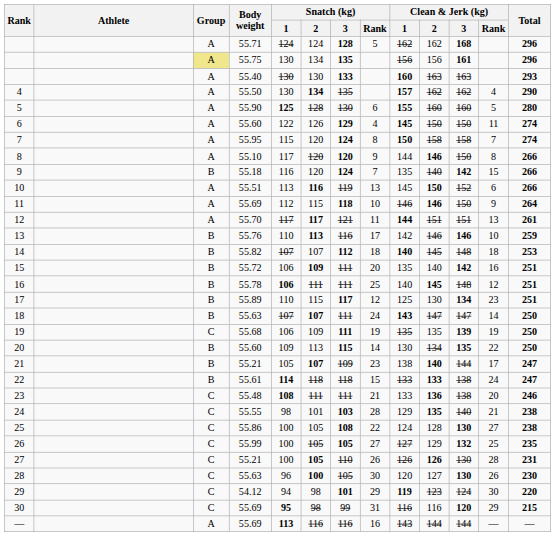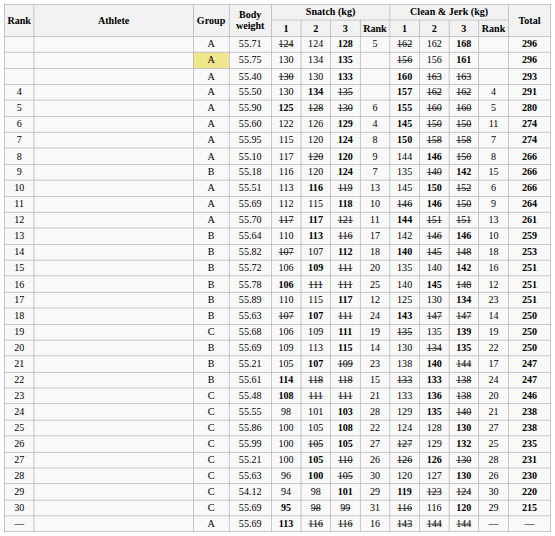 <table class = "wikitable" style="text-align:center;">
 <tr>
 <th rowspan=2 width=40>Rank</th>
 <th rowspan=2 width=250>Athlete</th>
 <th rowspan=2 width=50>Group</th>
 <th rowspan=2 width=60>Body weight</th>
 <th colspan=4>Snatch (kg)</th>
 <th colspan=4>Clean & Jerk (kg)</th>
 <th rowspan=2 width=60>Total</th>
 </tr>
 <tr>
 <th width=40>1</th>
 <th width=40>2</th>
 <th width=40>3</th>
 <th width=40>Rank</th>
 <th width=40>1</th>
 <th width=40>2</th>
 <th width=40>3</th>
 <th width=40>Rank</th>
 </tr>
 <tr>
 <td></td>
 <td align=left></td>
 <td>A</td>
 <td>55.71</td>
 <td><s>124</s></td>
 <td>124</td>
 <td><strong>128</strong></td>
 <td>5</td>
 <td><s>162</s></td>
 <td>162</td>
 <td><strong>168</strong></td>
 <td></td>
 <td><strong>296</strong></td>
 </tr>
 <tr>
 <td></td>
 <td align=left></td>
 <td style="background: khaki;">A</td>
 <td>55.75</td>
 <td>130</td>
 <td>134</td>
 <td><strong>135</strong></td>
 <td></td>
 <td><s>156</s></td>
 <td>156</td>
 <td><strong>161</strong></td>
 <td></td>
 <td><strong>296</strong></td>
 </tr>
 <tr>
 <td></td>
 <td align=left></td>
 <td>A</td>
 <td>55.40</td>
 <td><s>130</s></td>
 <td>130</td>
 <td><strong>133</strong></td>
 <td></td>
 <td><strong>160</strong></td>
 <td><s>163</s></td>
 <td><s>163</s></td>
 <td></td>
 <td><strong>293</strong></td>
 </tr>
 <tr>
 <td>4</td>
 <td align=left></td>
 <td>A</td>
 <td>55.50</td>
 <td>130</td>
 <td><strong>134</strong></td>
 <td><s>135</s></td>
 <td></td>
 <td><strong>157</strong></td>
 <td><s>162</s></td>
 <td><s>162</s></td>
 <td>4</td>
-<td><strong>290</strong></td>
+<td><strong>291</strong></td>
 </tr>
 <tr>
 <td>5</td>
 <td align=left></td>
 <td>A</td>
 <td>55.90</td>
 <td><strong>125</strong></td>
 <td><s>128</s></td>
 <td><s>130</s></td>
 <td>6</td>
 <td><strong>155</strong></td>
 <td><s>160</s></td>
 <td><s>160</s></td>
 <td>5</td>
 <td><strong>280</strong></td>
 </tr>
 <tr>
 <td>6</td>
 <td align=left></td>
 <td>A</td>
 <td>55.60</td>
 <td>122</td>
 <td>126</td>
 <td><strong>129</strong></td>
 <td>4</td>
 <td><strong>145</strong></td>
 <td><s>150</s></td>
 <td><s>150</s></td>
 <td>11</td>
 <td><strong>274</strong></td>
 </tr>
 <tr>
 <td>7</td>
 <td align=left></td>
 <td>A</td>
 <td>55.95</td>
 <td>115</td>
 <td>120</td>
 <td><strong>124</strong></td>
 <td>8</td>
 <td><strong>150</strong></td>
 <td><s>158</s></td>
 <td><s>158</s></td>
 <td>7</td>
 <td><strong>274</strong></td>
 </tr>
 <tr>
 <td>8</td>
 <td align=left></td>
 <td>A</td>
 <td>55.10</td>
 <td>117</td>
 <td><s>120</s></td>
 <td><strong>120</strong></td>
 <td>9</td>
 <td>144</td>
 <td><strong>146</strong></td>
 <td><s>150</s></td>
 <td>8</td>
 <td><strong>266</strong></td>
 </tr>
 <tr>
 <td>9</td>
 <td align=left></td>
 <td>B</td>
 <td>55.18</td>
 <td>116</td>
 <td>120</td>
 <td><strong>124</strong></td>
 <td>7</td>
 <td>135</td>
 <td><s>140</s></td>
 <td><strong>142</strong></td>
 <td>15</td>
 <td><strong>266</strong></td>
 </tr>
 <tr>
 <td>10</td>
 <td align=left></td>
 <td>A</td>
 <td>55.51</td>
 <td>113</td>
 <td><strong>116</strong></td>
 <td><s>119</s></td>
 <td>13</td>
 <td>145</td>
 <td><strong>150</strong></td>
 <td><s>152</s></td>
 <td>6</td>
 <td><strong>266</strong></td>
 </tr>
 <tr>
 <td>11</td>
 <td align=left></td>
 <td>A</td>
 <td>55.69</td>
 <td>112</td>
 <td>115</td>
 <td><strong>118</strong></td>
 <td>10</td>
 <td><s>146</s></td>
 <td><strong>146</strong></td>
 <td><s>150</s></td>
 <td>9</td>
 <td><strong>264</strong></td>
 </tr>
 <tr>
 <td>12</td>
 <td align=left></td>
 <td>A</td>
 <td>55.70</td>
 <td><s>117</s></td>
 <td><strong>117</strong></td>
 <td><s>121</s></td>
 <td>11</td>
 <td><strong>144</strong></td>
 <td><s>151</s></td>
 <td><s>151</s></td>
 <td>13</td>
 <td><strong>261</strong></td>
 </tr>
 <tr>
 <td>13</td>
 <td align=left></td>
 <td>B</td>
-<td>55.76</td>
+<td>55.64</td>
 <td>110</td>
 <td><strong>113</strong></td>
 <td><s>116</s></td>
 <td>17</td>
 <td>142</td>
 <td><s>146</s></td>
 <td><strong>146</strong></td>
 <td>10</td>
 <td><strong>259</strong></td>
 </tr>
 <tr>
 <td>14</td>
 <td align=left></td>
 <td>B</td>
 <td>55.82</td>
 <td><s>107</s></td>
 <td>107</td>
 <td><strong>112</strong></td>
 <td>18</td>
 <td><strong>140</strong></td>
 <td><s>145</s></td>
 <td><s>148</s></td>
 <td>18</td>
 <td><strong>253</strong></td>
 </tr>
 <tr>
 <td>15</td>
 <td align=left></td>
 <td>B</td>
 <td>55.72</td>
 <td>106</td>
 <td><strong>109</strong></td>
 <td><s>111</s></td>
 <td>20</td>
 <td>135</td>
 <td>140</td>
 <td><strong>142</strong></td>
 <td>16</td>
 <td><strong>251</strong></td>
 </tr>
 <tr>
 <td>16</td>
 <td align=left></td>
 <td>B</td>
 <td>55.78</td>
 <td><strong>106</strong></td>
 <td><s>111</s></td>
 <td><s>111</s></td>
 <td>25</td>
 <td>140</td>
 <td><strong>145</strong></td>
 <td><s>148</s></td>
 <td>12</td>
 <td><strong>251</strong></td>
 </tr>
 <tr>
 <td>17</td>
 <td align=left></td>
 <td>B</td>
 <td>55.89</td>
 <td>110</td>
 <td>115</td>
 <td><strong>117</strong></td>
 <td>12</td>
 <td>125</td>
 <td>130</td>
 <td><strong>134</strong></td>
 <td>23</td>
 <td><strong>251</strong></td>
 </tr>
 <tr>
 <td>18</td>
 <td align=left></td>
 <td>B</td>
 <td>55.63</td>
 <td><s>107</s></td>
 <td><strong>107</strong></td>
 <td><s>111</s></td>
 <td>24</td>
 <td><strong>143</strong></td>
 <td><s>147</s></td>
 <td><s>147</s></td>
 <td>14</td>
 <td><strong>250</strong></td>
 </tr>
 <tr>
 <td>19</td>
 <td align=left></td>
 <td>C</td>
 <td>55.68</td>
 <td>106</td>
 <td>109</td>
 <td><strong>111</strong></td>
 <td>19</td>
 <td><s>135</s></td>
 <td>135</td>
 <td><strong>139</strong></td>
 <td>19</td>
 <td><strong>250</strong></td>
 </tr>
 <tr>
 <td>20</td>
 <td align=left></td>
 <td>B</td>
-<td>55.60</td>
+<td>55.69</td>
 <td>109</td>
 <td>113</td>
 <td><strong>115</strong></td>
 <td>14</td>
 <td>130</td>
 <td><s>134</s></td>
 <td><strong>135</strong></td>
 <td>22</td>
 <td><strong>250</strong></td>
 </tr>
 <tr>
 <td>21</td>
 <td align=left></td>
 <td>B</td>
 <td>55.21</td>
 <td>105</td>
 <td><strong>107</strong></td>
 <td><s>109</s></td>
 <td>23</td>
 <td>138</td>
 <td><strong>140</strong></td>
 <td><s>144</s></td>
 <td>17</td>
 <td><strong>247</strong></td>
 </tr>
 <tr>
 <td>22</td>
 <td align=left></td>
 <td>B</td>
 <td>55.61</td>
 <td><strong>114</strong></td>
 <td><s>118</s></td>
 <td><s>118</s></td>
 <td>15</td>
 <td><s>133</s></td>
 <td><strong>133</strong></td>
 <td><s>138</s></td>
 <td>24</td>
 <td><strong>247</strong></td>
 </tr>
 <tr>
 <td>23</td>
 <td align=left></td>
 <td>C</td>
 <td>55.48</td>
 <td><strong>108</strong></td>
 <td><s>111</s></td>
 <td><s>111</s></td>
 <td>21</td>
 <td>133</td>
 <td><strong>136</strong></td>
 <td><s>138</s></td>
 <td>20</td>
 <td><strong>246</strong></td>
 </tr>
 <tr>
 <td>24</td>
 <td align=left></td>
 <td>C</td>
 <td>55.55</td>
 <td>98</td>
 <td>101</td>
 <td><strong>103</strong></td>
 <td>28</td>
 <td>129</td>
 <td><strong>135</strong></td>
 <td><s>140</s></td>
 <td>21</td>
 <td><strong>238</strong></td>
 </tr>
 <tr>
 <td>25</td>
 <td align=left></td>
 <td>C</td>
 <td>55.86</td>
 <td>100</td>
 <td>105</td>
 <td><strong>108</strong></td>
 <td>22</td>
 <td>124</td>
 <td>128</td>
 <td><strong>130</strong></td>
 <td>27</td>
 <td><strong>238</strong></td>
 </tr>
 <tr>
 <td>26</td>
 <td align=left></td>
 <td>C</td>
 <td>55.99</td>
 <td>100</td>
 <td><s>105</s></td>
 <td><strong>105</strong></td>
 <td>27</td>
 <td><s>127</s></td>
 <td>129</td>
 <td><strong>132</strong></td>
 <td>25</td>
 <td><strong>235</strong></td>
 </tr>
 <tr>
 <td>27</td>
 <td align=left></td>
 <td>C</td>
 <td>55.21</td>
 <td>100</td>
 <td><strong>105</strong></td>
 <td><s>110</s></td>
 <td>26</td>
 <td><s>126</s></td>
 <td><strong>126</strong></td>
 <td><s>130</s></td>
 <td>28</td>
 <td><strong>231</strong></td>
 </tr>
 <tr>
 <td>28</td>
 <td align=left></td>
 <td>C</td>
 <td>55.63</td>
 <td>96</td>
 <td><strong>100</strong></td>
 <td><s>105</s></td>
 <td>30</td>
 <td>120</td>
 <td>127</td>
 <td><strong>130</strong></td>
 <td>26</td>
 <td><strong>230</strong></td>
 </tr>
 <tr>
 <td>29</td>
 <td align=left></td>
 <td>C</td>
 <td>54.12</td>
 <td>94</td>
 <td>98</td>
 <td><strong>101</strong></td>
 <td>29</td>
 <td><strong>119</strong></td>
 <td><s>123</s></td>
 <td><s>124</s></td>
 <td>30</td>
 <td><strong>220</strong></td>
 </tr>
 <tr>
 <td>30</td>
 <td align=left></td>
 <td>C</td>
 <td>55.69</td>
 <td><strong>95</strong></td>
 <td><s>98</s></td>
 <td><s>99</s></td>
 <td>31</td>
 <td><s>116</s></td>
 <td>116</td>
 <td><strong>120</strong></td>
 <td>29</td>
 <td><strong>215</strong></td>
 </tr>
 <tr>
 <td>—</td>
 <td align=left></td>
 <td>A</td>
 <td>55.69</td>
 <td><strong>113</strong></td>
 <td><s>116</s></td>
 <td><s>116</s></td>
 <td>16</td>
 <td><s>143</s></td>
 <td><s>144</s></td>
 <td><s>144</s></td>
 <td>—</td>
 <td>—</td>
 </tr>
 </table>
